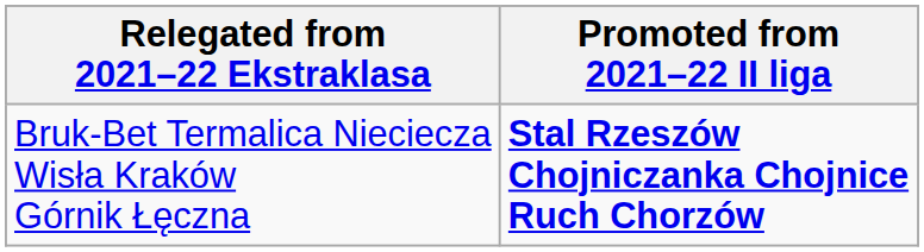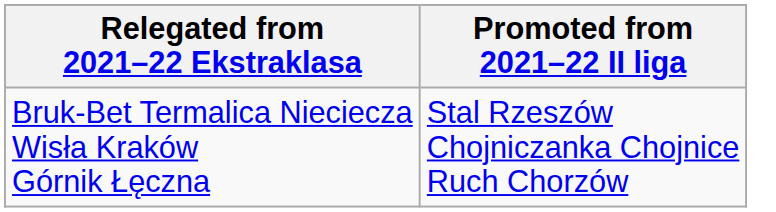 <table class="wikitable">
 <tr>
 <th>Relegated from<br><a href='#'>2021–22 Ekstraklasa</a></th>
 <th>Promoted from<br><a href='#'>2021–22 II liga</a></th>
 </tr>
 <tr>
 <td> <a href='#'>Bruk-Bet Termalica Nieciecza</a><br> <a href='#'>Wisła Kraków</a><br> <a href='#'>Górnik Łęczna</a></td>
-<td><strong> <a href='#'>Stal Rzeszów</a><br> <a href='#'>Chojniczanka Chojnice</a><br> <a href='#'>Ruch Chorzów</a></strong></td>
+<td> <a href='#'>Stal Rzeszów</a><br> <a href='#'>Chojniczanka Chojnice</a><br> <a href='#'>Ruch Chorzów</a></td>
 </tr>
 </table>
